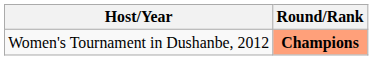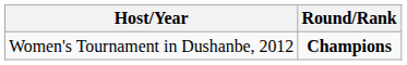 <table class="wikitable" style="text-align: center;">
 <tr>
 <th>Host/Year</th>
 <th>Round/Rank</th>
 </tr>
 <tr>
 <td> Women's Tournament in Dushanbe, 2012</td>
-<td style="background: lightsalmon;"><strong>Champions</strong></td>
+<td><strong>Champions</strong></td>
 </tr>
 </table>
